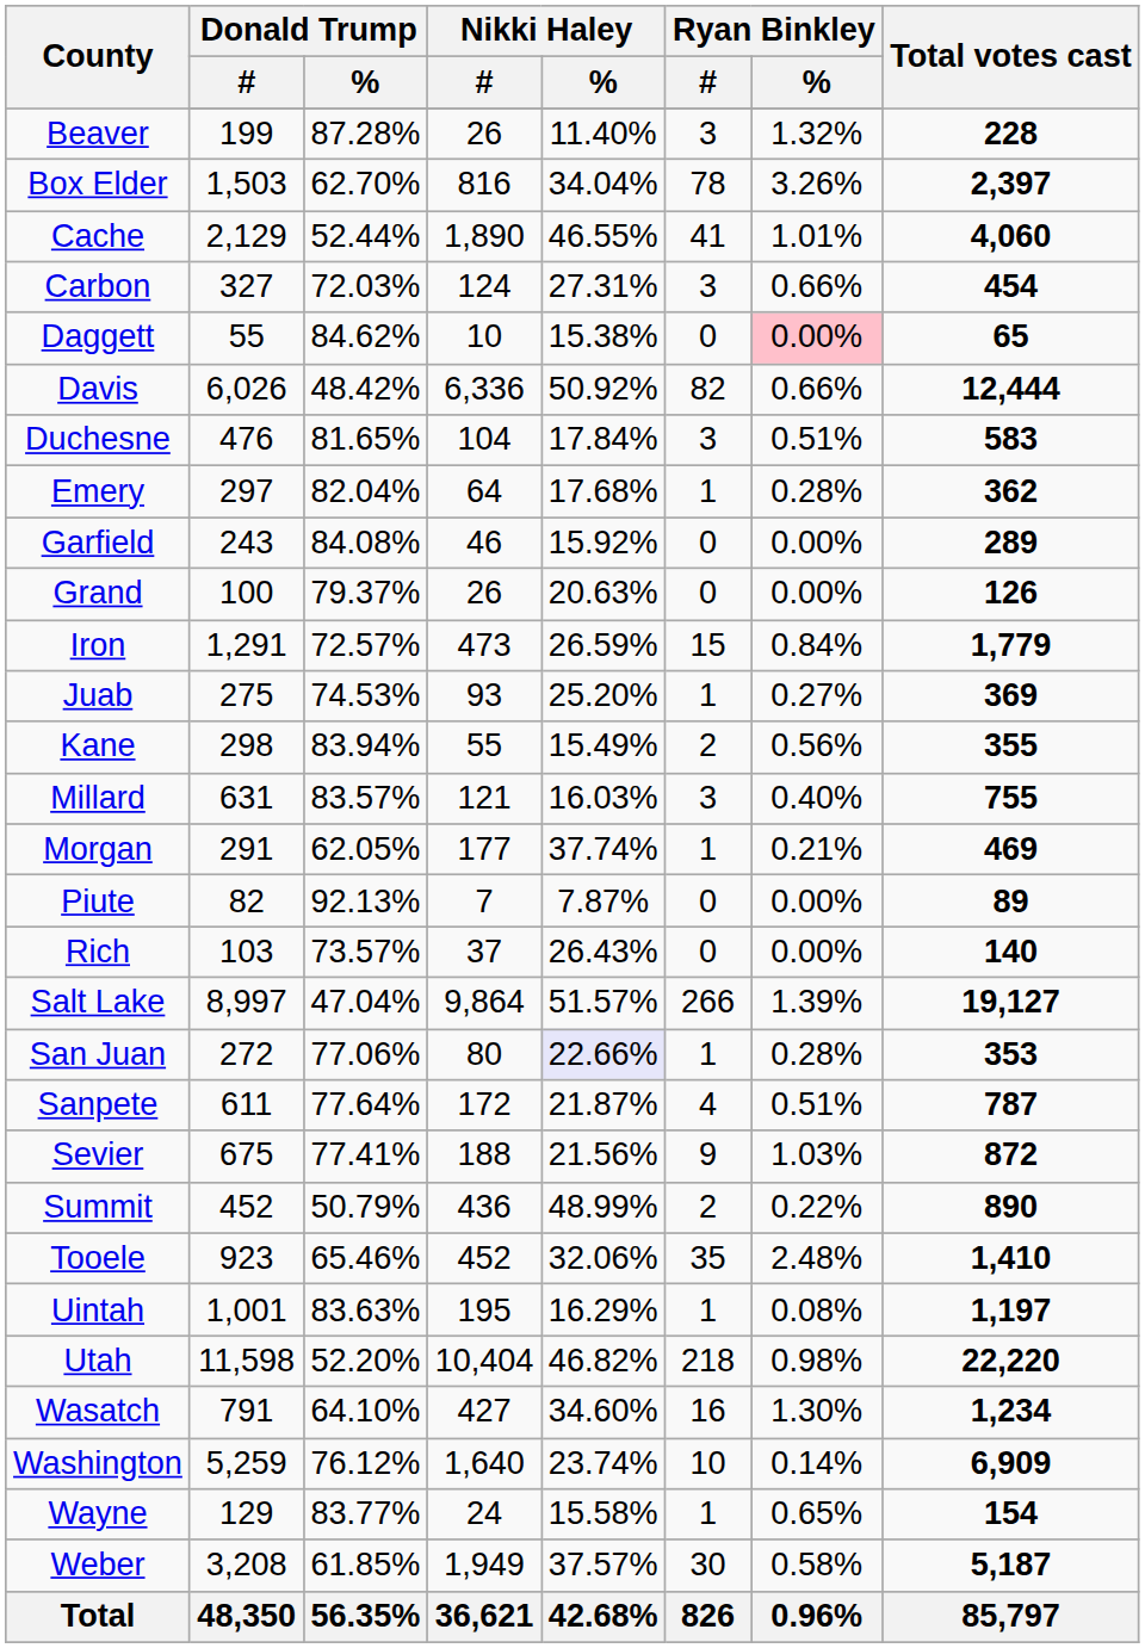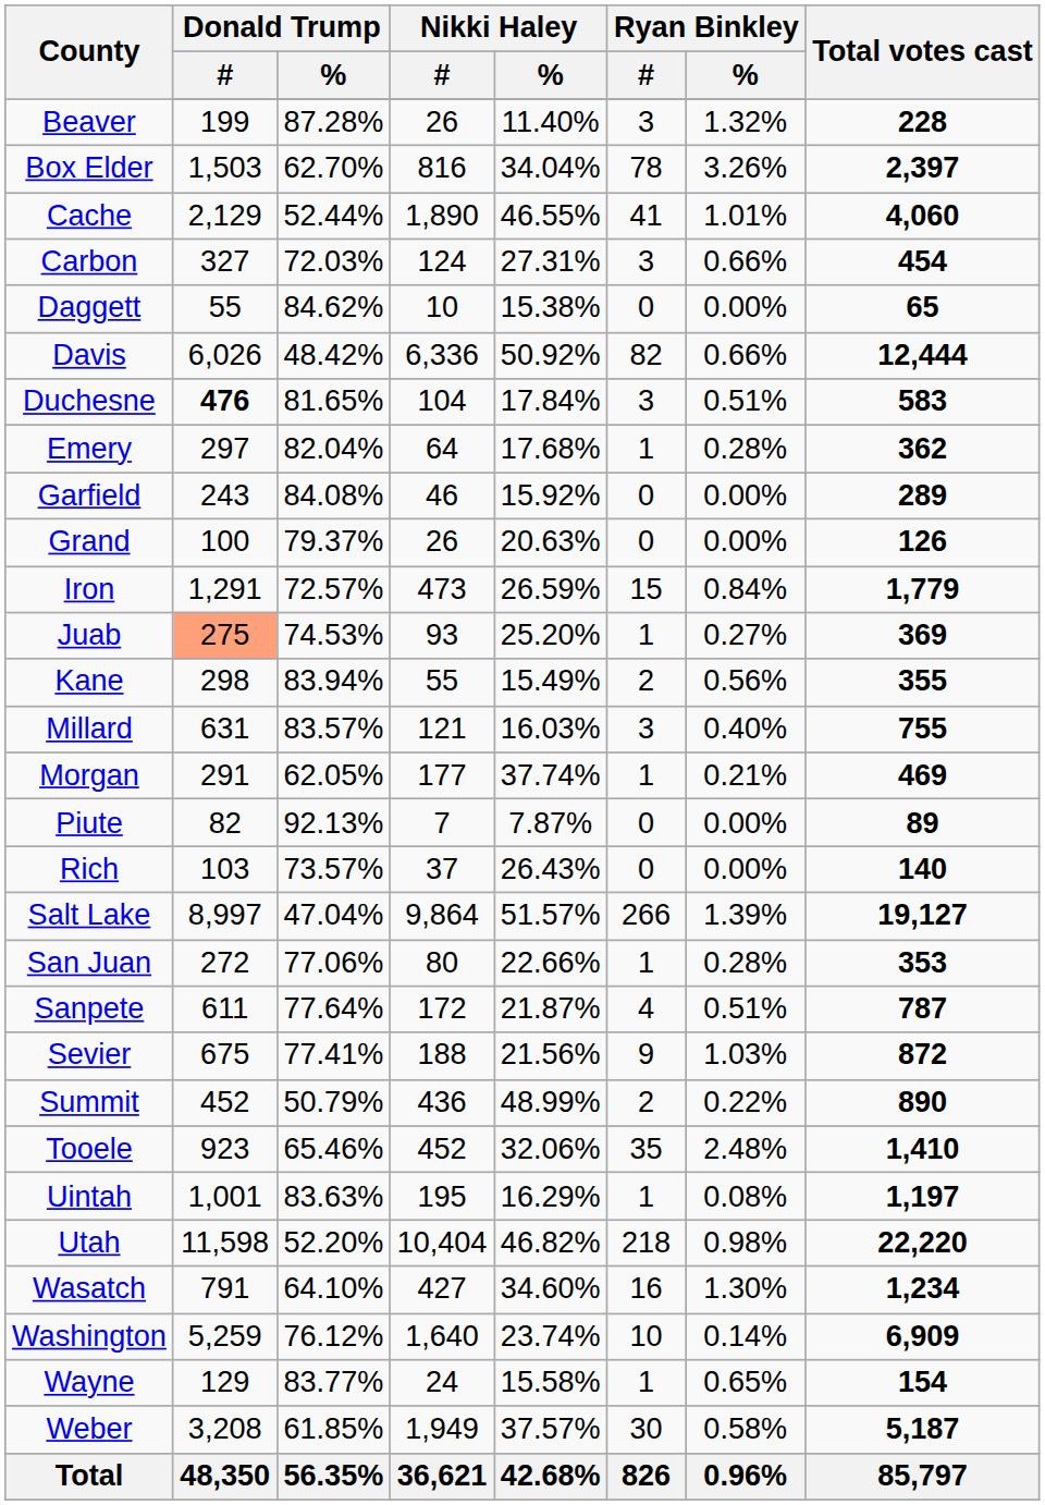 <table class="wikitable sortable">
 <tr style="text-align:center;">
 <th rowspan="3">County</th>
 <th colspan="2">Donald Trump</th>
 <th colspan="2">Nikki Haley</th>
 <th colspan="2">Ryan Binkley</th>
 <th rowspan="3">Total votes cast</th>
 </tr>
 <tr>
 <th>#</th>
 <th>%</th>
 <th>#</th>
 <th>%</th>
 <th>#</th>
 <th>%</th>
 </tr>
 <tr>
 </tr>
 <tr style="text-align:center;">
 <td><a href='#'>Beaver</a></td>
 <td>199</td>
 <td>87.28%</td>
 <td>26</td>
 <td>11.40%</td>
 <td>3</td>
 <td>1.32%</td>
 <td><strong>228</strong></td>
 </tr>
 <tr style="text-align:center;">
 <td><a href='#'>Box Elder</a></td>
 <td>1,503</td>
 <td>62.70%</td>
 <td>816</td>
 <td>34.04%</td>
 <td>78</td>
 <td>3.26%</td>
 <td><strong>2,397</strong></td>
 </tr>
 <tr style="text-align:center;">
 <td><a href='#'>Cache</a></td>
 <td>2,129</td>
 <td>52.44%</td>
 <td>1,890</td>
 <td>46.55%</td>
 <td>41</td>
 <td>1.01%</td>
 <td><strong>4,060</strong></td>
 </tr>
 <tr style="text-align:center;">
 <td><a href='#'>Carbon</a></td>
 <td>327</td>
 <td>72.03%</td>
 <td>124</td>
 <td>27.31%</td>
 <td>3</td>
 <td>0.66%</td>
 <td><strong>454</strong></td>
 </tr>
 <tr style="text-align:center;">
 <td><a href='#'>Daggett</a></td>
 <td>55</td>
 <td>84.62%</td>
 <td>10</td>
 <td>15.38%</td>
 <td>0</td>
-<td style="background: pink;">0.00%</td>
+<td>0.00%</td>
 <td><strong>65</strong></td>
 </tr>
 <tr style="text-align:center;">
 <td><a href='#'>Davis</a></td>
 <td>6,026</td>
 <td>48.42%</td>
 <td>6,336</td>
 <td>50.92%</td>
 <td>82</td>
 <td>0.66%</td>
 <td><strong>12,444</strong></td>
 </tr>
 <tr style="text-align:center;">
 <td><a href='#'>Duchesne</a></td>
-<td>476</td>
+<td><strong>476</strong></td>
 <td>81.65%</td>
 <td>104</td>
 <td>17.84%</td>
 <td>3</td>
 <td>0.51%</td>
 <td><strong>583</strong></td>
 </tr>
 <tr style="text-align:center;">
 <td><a href='#'>Emery</a></td>
 <td>297</td>
 <td>82.04%</td>
 <td>64</td>
 <td>17.68%</td>
 <td>1</td>
 <td>0.28%</td>
 <td><strong>362</strong></td>
 </tr>
 <tr style="text-align:center;">
 <td><a href='#'>Garfield</a></td>
 <td>243</td>
 <td>84.08%</td>
 <td>46</td>
 <td>15.92%</td>
 <td>0</td>
 <td>0.00%</td>
 <td><strong>289</strong></td>
 </tr>
 <tr style="text-align:center;">
 <td><a href='#'>Grand</a></td>
 <td>100</td>
 <td>79.37%</td>
 <td>26</td>
 <td>20.63%</td>
 <td>0</td>
 <td>0.00%</td>
 <td><strong>126</strong></td>
 </tr>
 <tr style="text-align:center;">
 <td><a href='#'>Iron</a></td>
 <td>1,291</td>
 <td>72.57%</td>
 <td>473</td>
 <td>26.59%</td>
 <td>15</td>
 <td>0.84%</td>
 <td><strong>1,779</strong></td>
 </tr>
 <tr style="text-align:center;">
 <td><a href='#'>Juab</a></td>
-<td>275</td>
+<td style="background: lightsalmon;">275</td>
 <td>74.53%</td>
 <td>93</td>
 <td>25.20%</td>
 <td>1</td>
 <td>0.27%</td>
 <td><strong>369</strong></td>
 </tr>
 <tr style="text-align:center;">
 <td><a href='#'>Kane</a></td>
 <td>298</td>
 <td>83.94%</td>
 <td>55</td>
 <td>15.49%</td>
 <td>2</td>
 <td>0.56%</td>
 <td><strong>355</strong></td>
 </tr>
 <tr style="text-align:center;">
 <td><a href='#'>Millard</a></td>
 <td>631</td>
 <td>83.57%</td>
 <td>121</td>
 <td>16.03%</td>
 <td>3</td>
 <td>0.40%</td>
 <td><strong>755</strong></td>
 </tr>
 <tr style="text-align:center;">
 <td><a href='#'>Morgan</a></td>
 <td>291</td>
 <td>62.05%</td>
 <td>177</td>
 <td>37.74%</td>
 <td>1</td>
 <td>0.21%</td>
 <td><strong>469</strong></td>
 </tr>
 <tr style="text-align:center;">
 <td><a href='#'>Piute</a></td>
 <td>82</td>
 <td>92.13%</td>
 <td>7</td>
 <td>7.87%</td>
 <td>0</td>
 <td>0.00%</td>
 <td><strong>89</strong></td>
 </tr>
 <tr style="text-align:center;">
 <td><a href='#'>Rich</a></td>
 <td>103</td>
 <td>73.57%</td>
 <td>37</td>
 <td>26.43%</td>
 <td>0</td>
 <td>0.00%</td>
 <td><strong>140</strong></td>
 </tr>
 <tr style="text-align:center;">
 <td><a href='#'>Salt Lake</a></td>
 <td>8,997</td>
 <td>47.04%</td>
 <td>9,864</td>
 <td>51.57%</td>
 <td>266</td>
 <td>1.39%</td>
 <td><strong>19,127</strong></td>
 </tr>
 <tr style="text-align:center;">
 <td><a href='#'>San Juan</a></td>
 <td>272</td>
 <td>77.06%</td>
 <td>80</td>
-<td style="background: lavender;">22.66%</td>
+<td>22.66%</td>
 <td>1</td>
 <td>0.28%</td>
 <td><strong>353</strong></td>
 </tr>
 <tr style="text-align:center;">
 <td><a href='#'>Sanpete</a></td>
 <td>611</td>
 <td>77.64%</td>
 <td>172</td>
 <td>21.87%</td>
 <td>4</td>
 <td>0.51%</td>
 <td><strong>787</strong></td>
 </tr>
 <tr style="text-align:center;">
 <td><a href='#'>Sevier</a></td>
 <td>675</td>
 <td>77.41%</td>
 <td>188</td>
 <td>21.56%</td>
 <td>9</td>
 <td>1.03%</td>
 <td><strong>872</strong></td>
 </tr>
 <tr style="text-align:center;">
 <td><a href='#'>Summit</a></td>
 <td>452</td>
 <td>50.79%</td>
 <td>436</td>
 <td>48.99%</td>
 <td>2</td>
 <td>0.22%</td>
 <td><strong>890</strong></td>
 </tr>
 <tr style="text-align:center;">
 <td><a href='#'>Tooele</a></td>
 <td>923</td>
 <td>65.46%</td>
 <td>452</td>
 <td>32.06%</td>
 <td>35</td>
 <td>2.48%</td>
 <td><strong>1,410</strong></td>
 </tr>
 <tr style="text-align:center;">
 <td><a href='#'>Uintah</a></td>
 <td>1,001</td>
 <td>83.63%</td>
 <td>195</td>
 <td>16.29%</td>
 <td>1</td>
 <td>0.08%</td>
 <td><strong>1,197</strong></td>
 </tr>
 <tr style="text-align:center;">
 <td><a href='#'>Utah</a></td>
 <td>11,598</td>
 <td>52.20%</td>
 <td>10,404</td>
 <td>46.82%</td>
 <td>218</td>
 <td>0.98%</td>
 <td><strong>22,220</strong></td>
 </tr>
 <tr style="text-align:center;">
 <td><a href='#'>Wasatch</a></td>
 <td>791</td>
 <td>64.10%</td>
 <td>427</td>
 <td>34.60%</td>
 <td>16</td>
 <td>1.30%</td>
 <td><strong>1,234</strong></td>
 </tr>
 <tr style="text-align:center;">
 <td><a href='#'>Washington</a></td>
 <td>5,259</td>
 <td>76.12%</td>
 <td>1,640</td>
 <td>23.74%</td>
 <td>10</td>
 <td>0.14%</td>
 <td><strong>6,909</strong></td>
 </tr>
 <tr style="text-align:center;">
 <td><a href='#'>Wayne</a></td>
 <td>129</td>
 <td>83.77%</td>
 <td>24</td>
 <td>15.58%</td>
 <td>1</td>
 <td>0.65%</td>
 <td><strong>154</strong></td>
 </tr>
 <tr style="text-align:center;">
 <td><a href='#'>Weber</a></td>
 <td>3,208</td>
 <td>61.85%</td>
 <td>1,949</td>
 <td>37.57%</td>
 <td>30</td>
 <td>0.58%</td>
 <td><strong>5,187</strong></td>
 </tr>
 <tr style="text-align:center;">
 <th>Total</th>
 <th>48,350</th>
 <th>56.35%</th>
 <th>36,621</th>
 <th>42.68%</th>
 <th>826</th>
 <th>0.96%</th>
 <th>85,797</th>
 </tr>
 </table>
